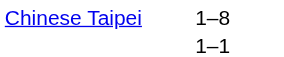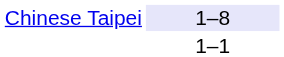 <table style="text-align:center">
 <tr>
 <th width=200></th>
 <th width=100></th>
 <th width=200></th>
 </tr>
 <tr>
 <td align=right><a href='#'>Chinese Taipei</a> </td>
-<td>1–8</td>
+<td style="background: lavender;">1–8</td>
 <td align=left></td>
 </tr>
 <tr>
 <td align=right></td>
 <td>1–1</td>
 <td align=left></td>
 </tr>
 </table>
